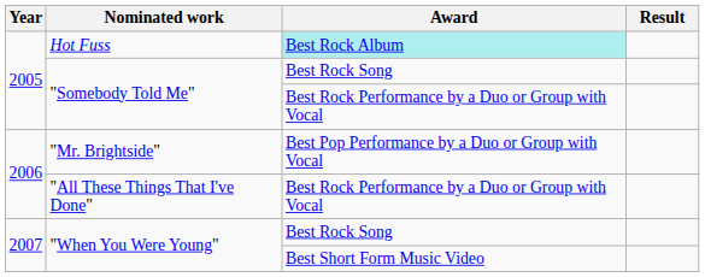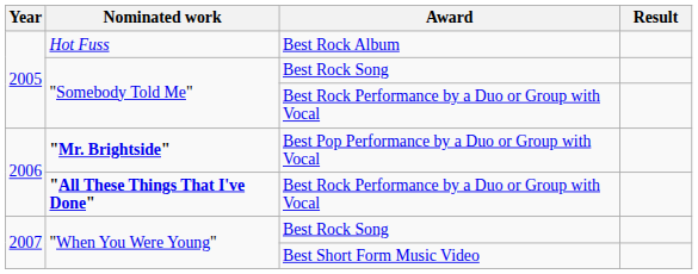 <table class=wikitable>
 <tr>
 <th>Year</th>
 <th width="220">Nominated work</th>
 <th width="325">Award</th>
 <th width="62">Result</th>
 </tr>
 <tr>
 <td rowspan="3"><a href='#'>2005</a></td>
 <td><em><a href='#'>Hot Fuss</a></em></td>
-<td style="background: paleturquoise;"><a href='#'>Best Rock Album</a></td>
+<td><a href='#'>Best Rock Album</a></td>
 <td></td>
 </tr>
 <tr>
 <td rowspan="2">"<a href='#'>Somebody Told Me</a>"</td>
 <td><a href='#'>Best Rock Song</a></td>
 <td></td>
 </tr>
 <tr>
 <td><a href='#'>Best Rock Performance by a Duo or Group with Vocal</a></td>
 <td></td>
 </tr>
 <tr>
 <td rowspan="2"><a href='#'>2006</a></td>
-<td>"<a href='#'>Mr. Brightside</a>"</td>
+<td><strong>"<a href='#'>Mr. Brightside</a>"</strong></td>
 <td><a href='#'>Best Pop Performance by a Duo or Group with Vocal</a></td>
 <td></td>
 </tr>
 <tr>
-<td>"<a href='#'>All These Things That I've Done</a>"</td>
+<td><strong>"<a href='#'>All These Things That I've Done</a>"</strong></td>
 <td><a href='#'>Best Rock Performance by a Duo or Group with Vocal</a></td>
 <td></td>
 </tr>
 <tr>
 <td rowspan="2"><a href='#'>2007</a></td>
 <td rowspan="2">"<a href='#'>When You Were Young</a>"</td>
 <td><a href='#'>Best Rock Song</a></td>
 <td></td>
 </tr>
 <tr>
 <td><a href='#'>Best Short Form Music Video</a></td>
 <td></td>
 </tr>
 </table>
